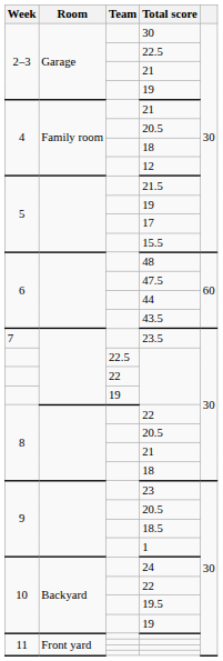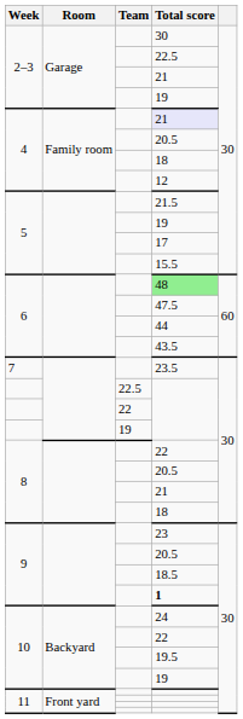 <table class="wikitable">
 <tr>
 <th>Week</th>
 <th>Room</th>
 <th>Team</th>
 <th>Total score</th>
 <th></th>
 </tr>
 <tr>
 <td style="text-align:center; border-bottom: 2px solid black" rowspan=4>2–3</td>
 <td style="border-bottom: 2px solid black" rowspan=4>Garage</td>
 <td></td>
 <td>30</td>
 <td style="text-align:center; border-bottom: 2px solid black" rowspan=12>30</td>
 </tr>
 <tr>
 <td></td>
 <td>22.5</td>
 </tr>
 <tr>
 <td></td>
 <td>21</td>
 </tr>
 <tr>
 <td></td>
 <td style="border-bottom: 2px solid black">19</td>
 </tr>
 <tr>
 <td style="text-align:center; border-bottom: 2px solid black" rowspan=4>4</td>
 <td style="border-bottom: 2px solid black" rowspan=4>Family room</td>
 <td></td>
-<td>21</td>
+<td style="background: lavender;">21</td>
 </tr>
 <tr>
 <td></td>
 <td>20.5</td>
 </tr>
 <tr>
 <td></td>
 <td>18</td>
 </tr>
 <tr>
 <td></td>
 <td style="border-bottom: 2px solid black">12</td>
 </tr>
 <tr>
 <td style="text-align:center; border-bottom: 2px solid black" rowspan=4>5</td>
 <td style="border-bottom: 2px solid black" rowspan=4></td>
 <td></td>
 <td>21.5</td>
 </tr>
 <tr>
 <td></td>
 <td>19</td>
 </tr>
 <tr>
 <td></td>
 <td>17</td>
 </tr>
 <tr>
 <td></td>
 <td style="border-bottom: 2px solid black">15.5</td>
 </tr>
 <tr>
 <td style="text-align:center; border-bottom: 2px solid black" rowspan=4>6</td>
 <td style="border-bottom: 2px solid black" rowspan=4></td>
 <td></td>
-<td>48</td>
+<td style="background: lightgreen;">48</td>
 <td style="text-align:center; border-bottom: 2px solid black" rowspan=4>60</td>
 </tr>
 <tr>
 <td></td>
 <td>47.5</td>
 </tr>
 <tr>
 <td></td>
 <td>44</td>
 </tr>
 <tr>
 <td></td>
 <td style="border-bottom: 2px solid black">43.5</td>
 </tr>
 <tr>
 <td>7</td>
 <td style="border-bottom: 2px solid black" rowspan=4></td>
 <td></td>
 <td>23.5</td>
 <td style="text-align:center; border-bottom: 2px solid black" rowspan=8>30</td>
 </tr>
 <tr>
 <td></td>
 <td>22.5</td>
 </tr>
 <tr>
 <td></td>
 <td>22</td>
 </tr>
 <tr>
 <td></td>
 <td style="border-bottom: 2px solid black">19</td>
 </tr>
 <tr>
 <td style="text-align:center; border-bottom: 2px solid black" rowspan=4>8</td>
 <td style="border-bottom: 2px solid black" rowspan=4></td>
 <td></td>
 <td>22</td>
 </tr>
 <tr>
 <td></td>
 <td>20.5</td>
 </tr>
 <tr>
 <td></td>
 <td>21</td>
 </tr>
 <tr>
 <td></td>
 <td style="border-bottom: 2px solid black">18</td>
 </tr>
 <tr>
 <td style="text-align:center; border-bottom: 2px solid black" rowspan=4>9</td>
 <td style="border-bottom: 2px solid black" rowspan=4></td>
 <td></td>
 <td>23</td>
 <td style="text-align:center; border-bottom: 2px solid black" rowspan=12>30</td>
 </tr>
 <tr>
 <td></td>
 <td>20.5</td>
 </tr>
 <tr>
 <td></td>
 <td>18.5</td>
 </tr>
 <tr>
 <td></td>
-<td style="border-bottom: 2px solid black">1</td>
+<td style="border-bottom: 2px solid black"><strong>1</strong></td>
 </tr>
 <tr>
 <td style="text-align:center; border-bottom: 2px solid black" rowspan=4>10</td>
 <td style="border-bottom: 2px solid black" rowspan=4>Backyard</td>
 <td></td>
 <td>24</td>
 </tr>
 <tr>
 <td></td>
 <td>22</td>
 </tr>
 <tr>
 <td></td>
 <td>19.5</td>
 </tr>
 <tr>
 <td></td>
 <td style="border-bottom: 2px solid black">19</td>
 </tr>
 <tr>
 <td style="text-align:center; border-bottom: 2px solid black" rowspan=4>11</td>
 <td style="border-bottom: 2px solid black" rowspan=4>Front yard</td>
 <td></td>
 <td></td>
 </tr>
 <tr>
 <td></td>
 <td></td>
 </tr>
 <tr>
 <td></td>
 <td></td>
 </tr>
 <tr>
 <td></td>
 <td></td>
 </tr>
 </table>
